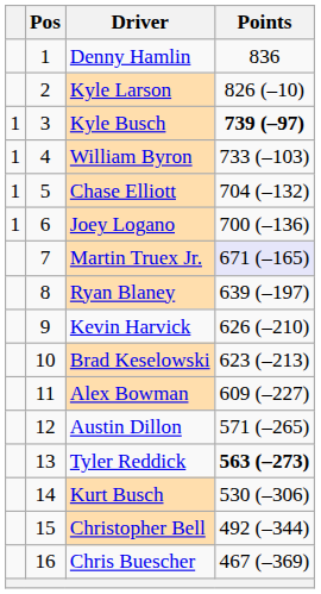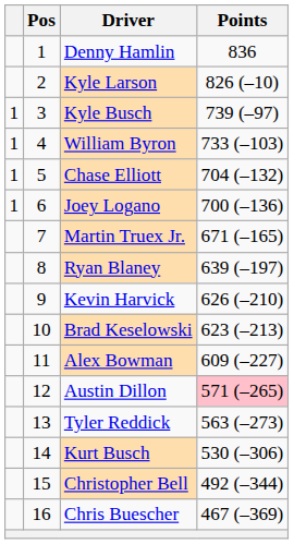 <table class="wikitable" style="font-size: 95%">
 <tr>
 <th></th>
 <th>Pos</th>
 <th>Driver</th>
 <th>Points</th>
 </tr>
 <tr>
 <td align="left"></td>
 <td style="text-align:center;">1</td>
 <td><a href='#'>Denny Hamlin</a></td>
 <td style="text-align:center;">836</td>
 </tr>
 <tr>
 <td align="left"></td>
 <td style="text-align:center;">2</td>
 <td style="background:#FFDEAD;"><a href='#'>Kyle Larson</a></td>
 <td style="text-align:center;">826 (–10)</td>
 </tr>
 <tr>
 <td align="left"> 1</td>
 <td style="text-align:center;">3</td>
 <td style="background:#FFDEAD;"><a href='#'>Kyle Busch</a></td>
-<td style="text-align:center;"><strong>739 (–97)</strong></td>
+<td style="text-align:center;">739 (–97)</td>
 </tr>
 <tr>
 <td align="left"> 1</td>
 <td style="text-align:center;">4</td>
 <td style="background:#FFDEAD;"><a href='#'>William Byron</a></td>
 <td style="text-align:center;">733 (–103)</td>
 </tr>
 <tr>
 <td align="left"> 1</td>
 <td style="text-align:center;">5</td>
 <td style="background:#FFDEAD;"><a href='#'>Chase Elliott</a></td>
 <td style="text-align:center;">704 (–132)</td>
 </tr>
 <tr>
 <td align="left"> 1</td>
 <td style="text-align:center;">6</td>
 <td style="background:#FFDEAD;"><a href='#'>Joey Logano</a></td>
 <td style="text-align:center;">700 (–136)</td>
 </tr>
 <tr>
 <td align="left"></td>
 <td style="text-align:center;">7</td>
 <td style="background:#FFDEAD;"><a href='#'>Martin Truex Jr.</a></td>
-<td style="background: lavender; text-align:center;">671 (–165)</td>
+<td style="text-align:center;">671 (–165)</td>
 </tr>
 <tr>
 <td align="left"></td>
 <td style="text-align:center;">8</td>
 <td style="background:#FFDEAD;"><a href='#'>Ryan Blaney</a></td>
 <td style="text-align:center;">639 (–197)</td>
 </tr>
 <tr>
 <td align="left"></td>
 <td style="text-align:center;">9</td>
 <td><a href='#'>Kevin Harvick</a></td>
 <td style="text-align:center;">626 (–210)</td>
 </tr>
 <tr>
 <td align="left"></td>
 <td style="text-align:center;">10</td>
 <td style="background:#FFDEAD;"><a href='#'>Brad Keselowski</a></td>
 <td style="text-align:center;">623 (–213)</td>
 </tr>
 <tr>
 <td align="left"></td>
 <td style="text-align:center;">11</td>
 <td style="background:#FFDEAD;"><a href='#'>Alex Bowman</a></td>
 <td style="text-align:center;">609 (–227)</td>
 </tr>
 <tr>
 <td align="left"></td>
 <td style="text-align:center;">12</td>
 <td><a href='#'>Austin Dillon</a></td>
-<td style="text-align:center;">571 (–265)</td>
+<td style="background: pink; text-align:center;">571 (–265)</td>
 </tr>
 <tr>
 <td align="left"></td>
 <td style="text-align:center;">13</td>
 <td><a href='#'>Tyler Reddick</a></td>
-<td style="text-align:center;"><strong>563 (–273)</strong></td>
+<td style="text-align:center;">563 (–273)</td>
 </tr>
 <tr>
 <td align="left"></td>
 <td style="text-align:center;">14</td>
 <td style="background:#FFDEAD;"><a href='#'>Kurt Busch</a></td>
 <td style="text-align:center;">530 (–306)</td>
 </tr>
 <tr>
 <td align="left"></td>
 <td style="text-align:center;">15</td>
 <td style="background:#FFDEAD;"><a href='#'>Christopher Bell</a></td>
 <td style="text-align:center;">492 (–344)</td>
 </tr>
 <tr>
 <td align="left"></td>
 <td style="text-align:center;">16</td>
 <td><a href='#'>Chris Buescher</a></td>
 <td style="text-align:center;">467 (–369)</td>
 </tr>
 <tr class="sortbottom">
 <th colspan="9"></th>
 </tr>
 </table>
